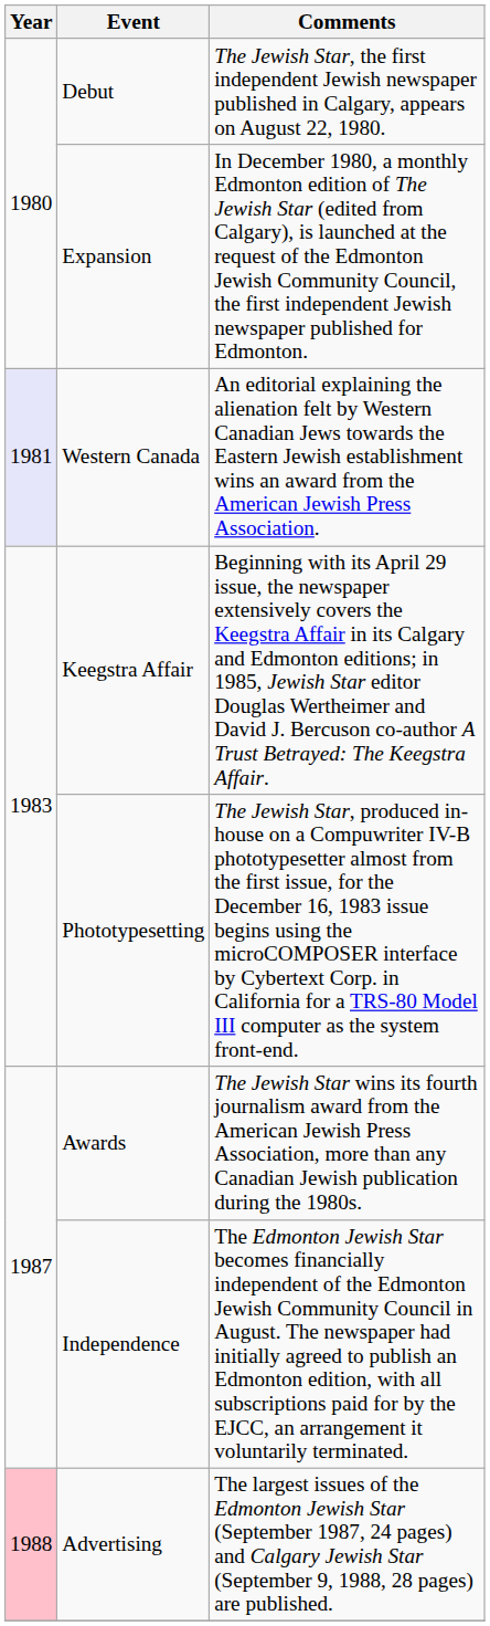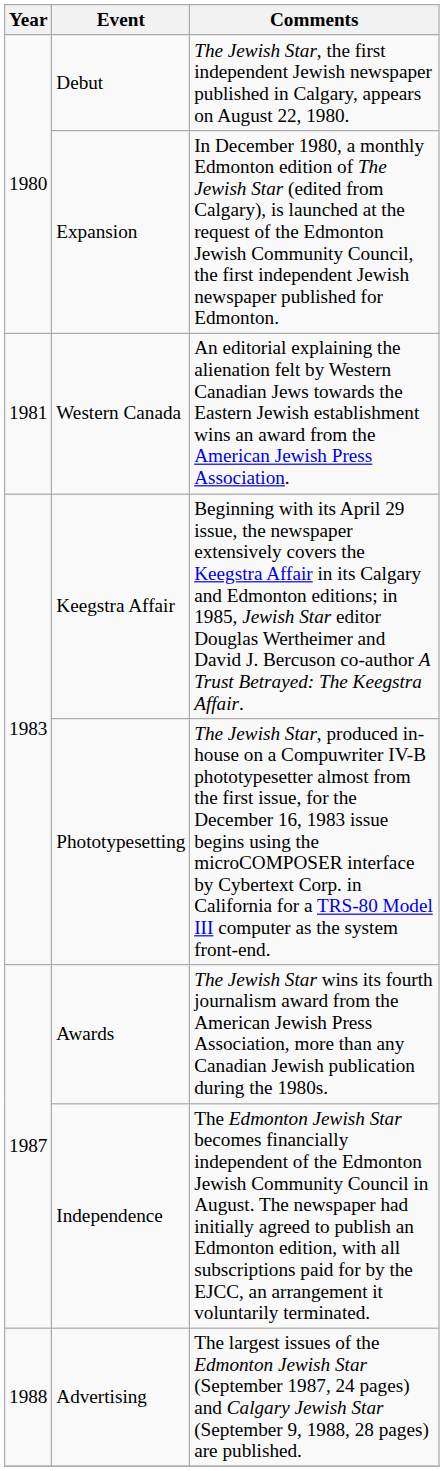 <table class="wikitable" style="text-align:left">
 <tr>
 <th style="width:15px">Year</th>
 <th style="width:90px;">Event</th>
 <th style="width:200px;">Comments</th>
 </tr>
 <tr>
 <td rowspan=2 style="text-align:center;">1980</td>
 <td>Debut</td>
 <td><em>The Jewish Star</em>, the first independent Jewish newspaper published in Calgary, appears on August 22, 1980.</td>
 </tr>
 <tr>
 <td>Expansion</td>
 <td>In December 1980, a monthly Edmonton edition of <em>The Jewish Star</em> (edited from Calgary), is launched at the request of the Edmonton Jewish Community Council, the first independent Jewish newspaper published for Edmonton.</td>
 </tr>
 <tr>
-<td style="background: lavender; text-align:center;">1981</td>
+<td style="text-align:center;">1981</td>
 <td>Western Canada</td>
 <td>An editorial explaining the alienation felt by Western Canadian Jews towards the Eastern Jewish establishment wins an award from the <a href='#'>American Jewish Press Association</a>.</td>
 </tr>
 <tr>
 <td rowspan=2 style="text-align:center;">1983</td>
 <td>Keegstra Affair</td>
 <td>Beginning with its April 29 issue, the newspaper extensively covers the <a href='#'>Keegstra Affair</a> in its Calgary and Edmonton editions; in 1985, <em>Jewish Star</em> editor Douglas Wertheimer and David J. Bercuson co-author <em>A Trust Betrayed: The Keegstra Affair</em>.</td>
 </tr>
 <tr>
 <td>Phototypesetting</td>
 <td><em>The Jewish Star</em>, produced in-house on a Compuwriter IV-B phototypesetter almost from the first issue, for the December 16, 1983 issue begins using the microCOMPOSER interface by Cybertext Corp. in California for a <a href='#'>TRS-80 Model III</a> computer as the system front-end.</td>
 </tr>
 <tr>
 <td rowspan=2 style="text-align:center;">1987</td>
 <td>Awards</td>
 <td><em>The Jewish Star</em> wins its fourth journalism award from the American Jewish Press Association, more than any Canadian Jewish publication during the 1980s.</td>
 </tr>
 <tr>
 <td>Independence</td>
 <td>The <em>Edmonton Jewish Star</em> becomes financially independent of the Edmonton Jewish Community Council in August. The newspaper had initially agreed to publish an Edmonton edition, with all subscriptions paid for by the EJCC, an arrangement it voluntarily terminated.</td>
 </tr>
 <tr>
-<td style="background: pink; text-align:center;">1988</td>
+<td style="text-align:center;">1988</td>
 <td>Advertising</td>
 <td>The largest issues of the <em>Edmonton Jewish Star</em> (September 1987, 24 pages) and <em>Calgary Jewish Star</em> (September 9, 1988, 28 pages) are published.</td>
 </tr>
 <tr>
 </tr>
 </table>
